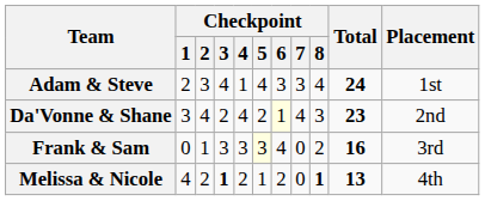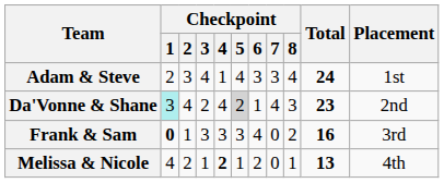 <table class="wikitable sortable" style="text-align:center">
 <tr>
 <th rowspan="2">Team</th>
 <th colspan="8">Checkpoint</th>
 <th rowspan="2">Total</th>
 <th rowspan="2">Placement</th>
 </tr>
 <tr>
 <th>1</th>
 <th>2</th>
 <th>3</th>
 <th>4</th>
 <th>5</th>
 <th>6</th>
 <th>7</th>
 <th>8</th>
 </tr>
 <tr>
 <th>Adam & Steve</th>
 <td>2</td>
 <td>3</td>
 <td>4</td>
 <td>1</td>
 <td>4</td>
 <td>3</td>
 <td>3</td>
 <td>4</td>
 <td><strong>24</strong></td>
 <td>1st</td>
 </tr>
 <tr>
 <th>Da'Vonne & Shane</th>
-<td>3</td>
+<td style="background: paleturquoise;">3</td>
 <td>4</td>
 <td>2</td>
 <td>4</td>
-<td>2</td>
-<td style="background: lightyellow;">1</td>
+<td style="background: lightgrey;">2</td>
+<td>1</td>
 <td>4</td>
 <td>3</td>
 <td><strong>23</strong></td>
 <td>2nd</td>
 </tr>
 <tr>
 <th>Frank & Sam</th>
-<td>0</td>
+<td><strong>0</strong></td>
 <td>1</td>
 <td>3</td>
 <td>3</td>
-<td style="background: lightyellow;">3</td>
+<td>3</td>
 <td>4</td>
 <td>0</td>
 <td>2</td>
 <td><strong>16</strong></td>
 <td>3rd</td>
 </tr>
 <tr>
 <th>Melissa & Nicole</th>
 <td>4</td>
 <td>2</td>
-<td><strong>1</strong></td>
-<td>2</td>
+<td>1</td>
+<td><strong>2</strong></td>
 <td>1</td>
 <td>2</td>
 <td>0</td>
-<td><strong>1</strong></td>
+<td>1</td>
 <td><strong>13</strong></td>
 <td>4th</td>
 </tr>
 </table>
